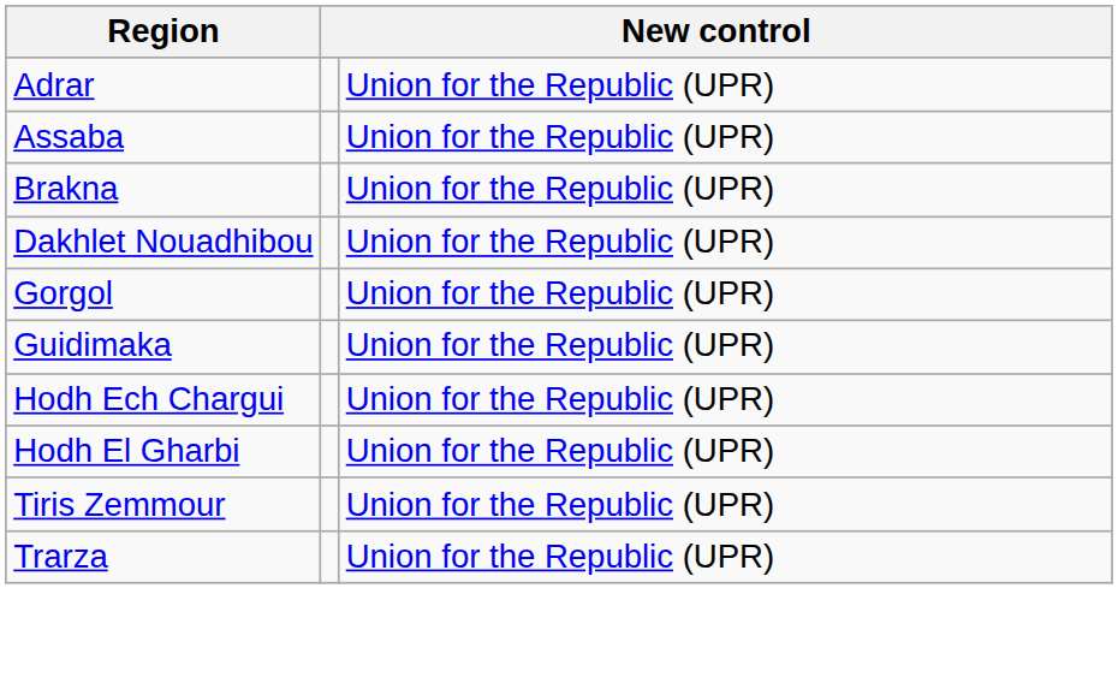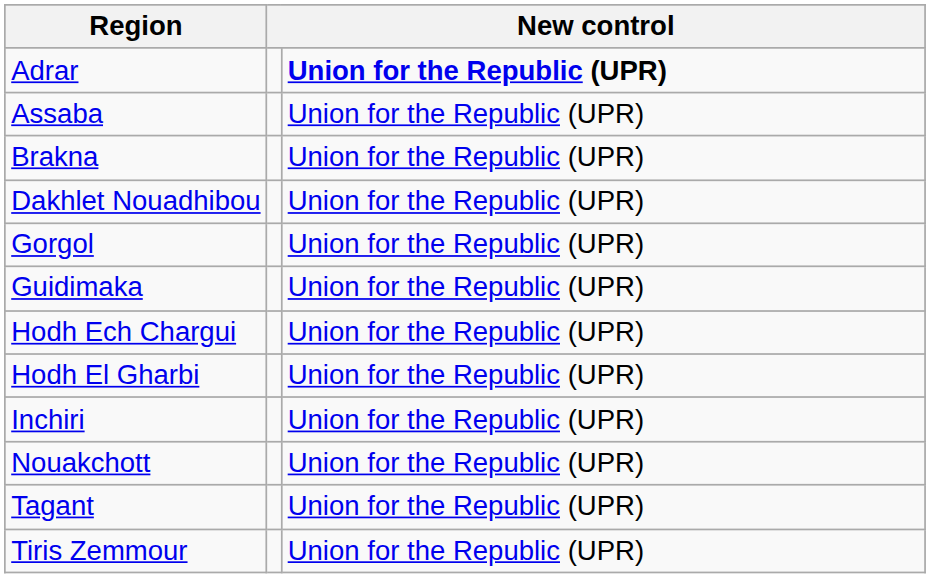 <table class="wikitable">
 <tr>
 <th>Region</th>
 <th colspan="2" style="width:375px;">New control</th>
 </tr>
 <tr>
 <td><a href='#'>Adrar</a></td>
 <td width="1"></td>
-<td><a href='#'>Union for the Republic</a> (UPR)</td>
+<td><strong><a href='#'>Union for the Republic</a> (UPR)</strong></td>
 </tr>
 <tr>
 <td><a href='#'>Assaba</a></td>
 <td></td>
 <td><a href='#'>Union for the Republic</a> (UPR)</td>
 </tr>
 <tr>
 <td><a href='#'>Brakna</a></td>
 <td></td>
 <td><a href='#'>Union for the Republic</a> (UPR)</td>
 </tr>
 <tr>
 <td><a href='#'>Dakhlet Nouadhibou</a></td>
 <td></td>
 <td><a href='#'>Union for the Republic</a> (UPR)</td>
 </tr>
 <tr>
 <td><a href='#'>Gorgol</a></td>
 <td></td>
 <td><a href='#'>Union for the Republic</a> (UPR)</td>
 </tr>
 <tr>
 <td><a href='#'>Guidimaka</a></td>
 <td></td>
 <td><a href='#'>Union for the Republic</a> (UPR)</td>
 </tr>
 <tr>
 <td><a href='#'>Hodh Ech Chargui</a></td>
 <td></td>
 <td><a href='#'>Union for the Republic</a> (UPR)</td>
 </tr>
 <tr>
 <td><a href='#'>Hodh El Gharbi</a></td>
 <td></td>
 <td><a href='#'>Union for the Republic</a> (UPR)</td>
 </tr>
 <tr>
+<td><a href='#'>Inchiri</a></td>
+<td></td>
+<td><a href='#'>Union for the Republic</a> (UPR)</td>
+</tr>
+<tr>
+<td><a href='#'>Nouakchott</a></td>
+<td></td>
+<td><a href='#'>Union for the Republic</a> (UPR)</td>
+</tr>
+<tr>
+<td><a href='#'>Tagant</a></td>
+<td></td>
+<td><a href='#'>Union for the Republic</a> (UPR)</td>
+</tr>
+<tr>
 <td><a href='#'>Tiris Zemmour</a></td>
 <td></td>
 <td><a href='#'>Union for the Republic</a> (UPR)</td>
 </tr>
-<tr>
-<td><a href='#'>Trarza</a></td>
-<td></td>
-<td><a href='#'>Union for the Republic</a> (UPR)</td>
-</tr>
 </table>
